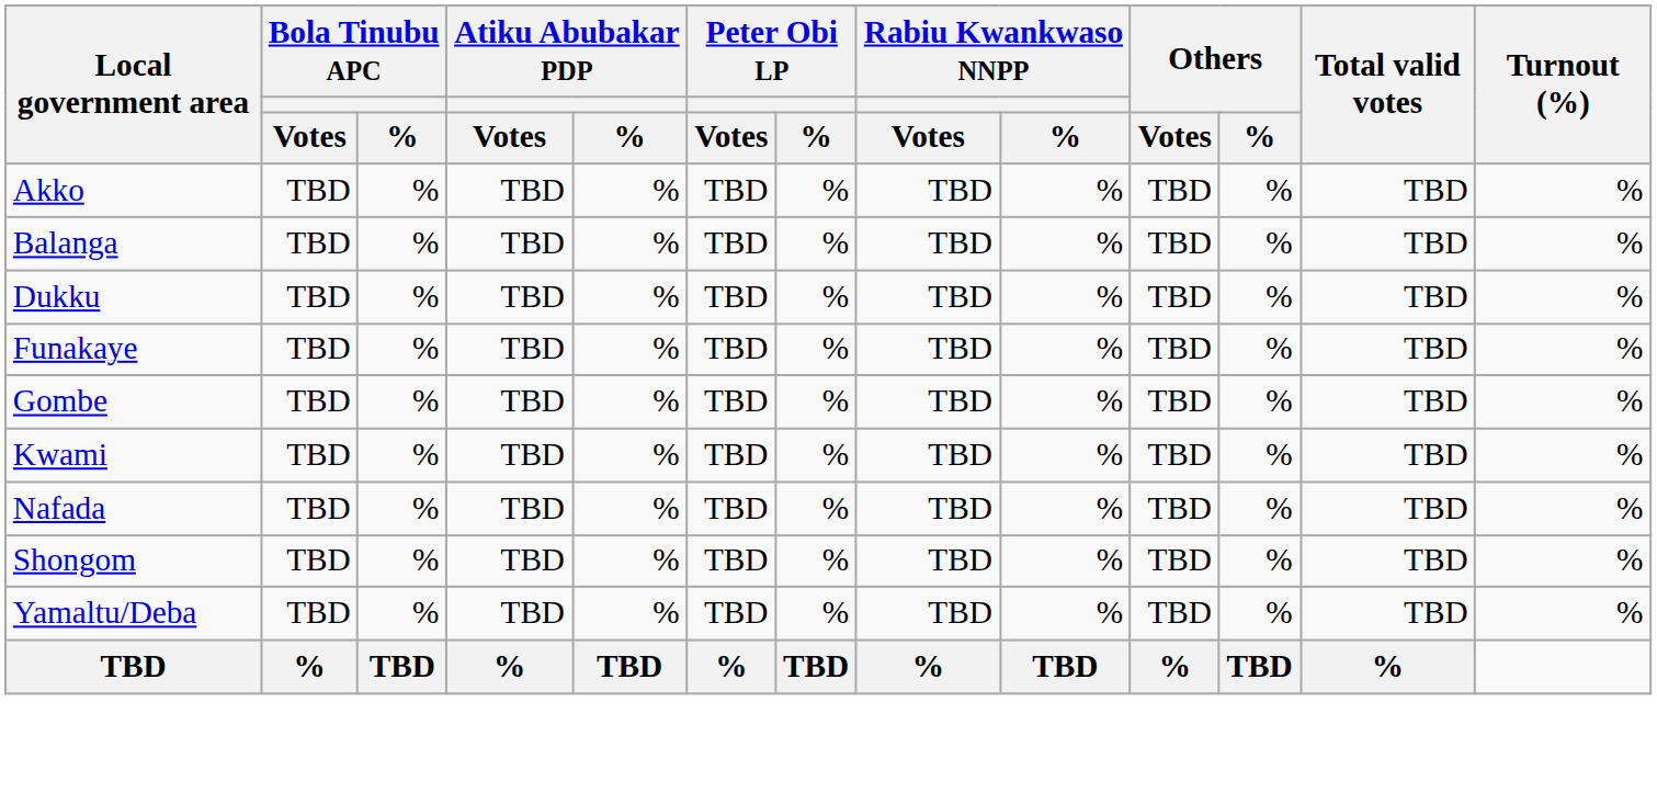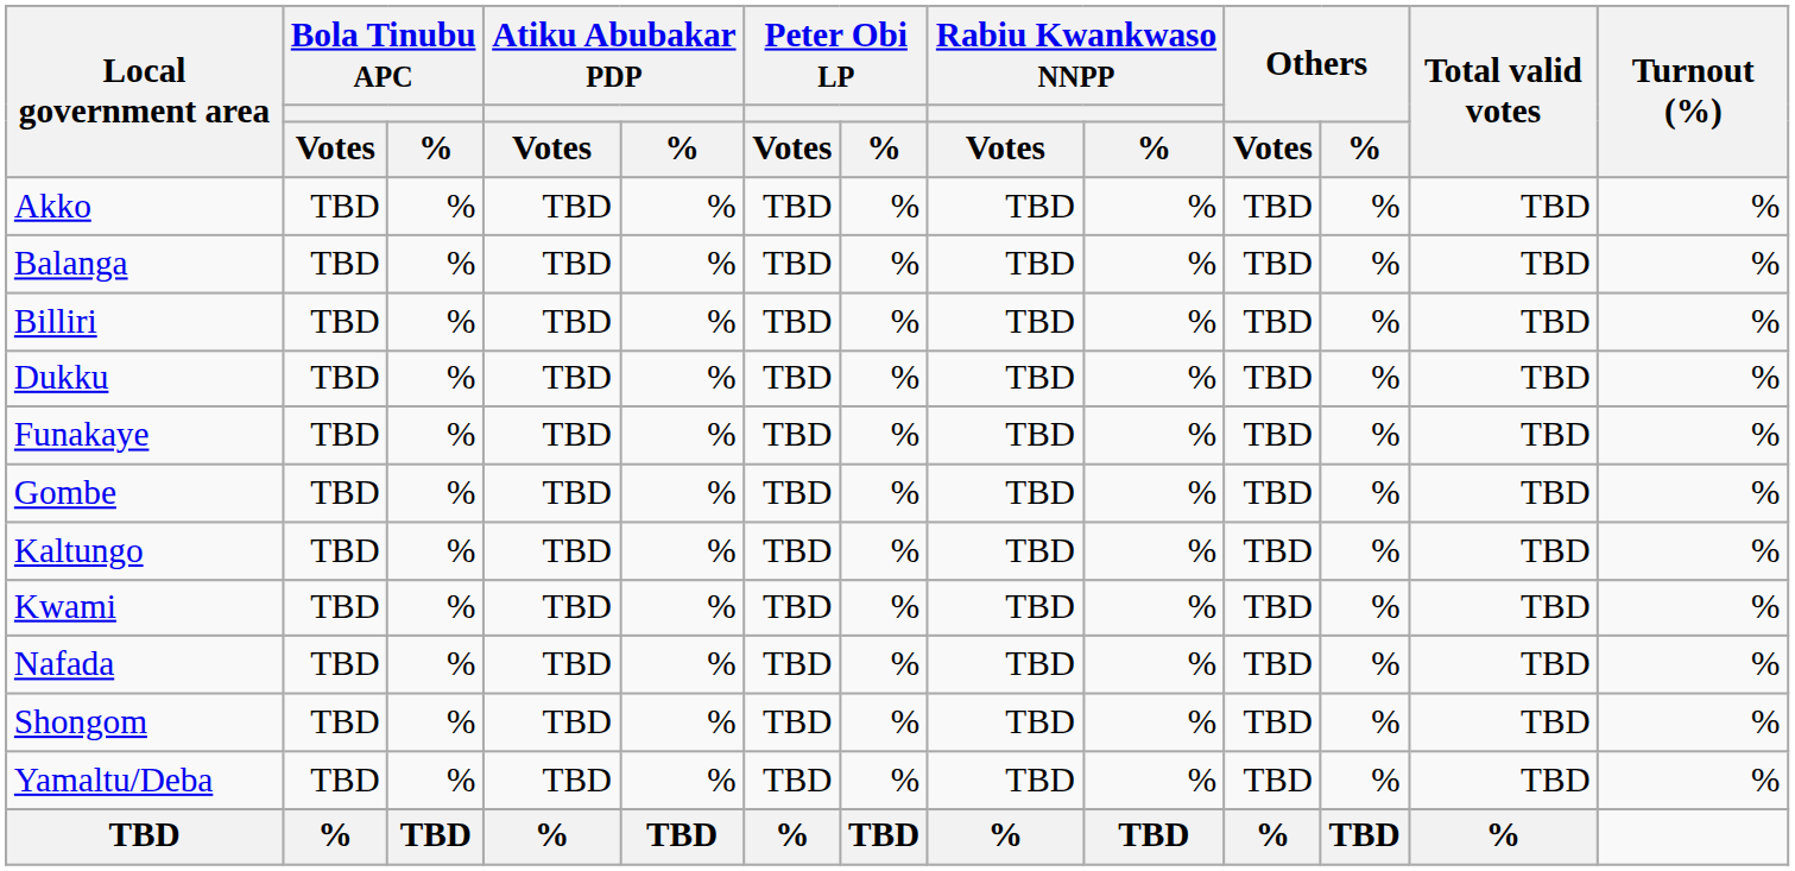 <table class="wikitable sortable" style="text-align:right; font-size:90%">
 <tr>
 <th rowspan="3" style="max-width:7.5em;">Local government area</th>
 <th colspan="2"><a href='#'>Bola Tinubu</a><br><small>APC</small></th>
 <th colspan="2"><a href='#'>Atiku Abubakar</a><br><small>PDP</small></th>
 <th colspan="2"><a href='#'>Peter Obi</a><br><small>LP</small></th>
 <th colspan="2"><a href='#'>Rabiu Kwankwaso</a><br><small>NNPP</small></th>
 <th colspan="2" rowspan="2">Others</th>
 <th rowspan="3" style="max-width:5em;">Total valid votes</th>
 <th rowspan="3" style="max-width:5em;">Turnout (%)</th>
 </tr>
 <tr>
 <th colspan=2 style="background-color:"></th>
 <th colspan=2 style="background-color:"></th>
 <th colspan=2 style="background-color:"></th>
 <th colspan=2 style="background-color:"></th>
 </tr>
 <tr>
 <th>Votes</th>
 <th>%</th>
 <th>Votes</th>
 <th>%</th>
 <th>Votes</th>
 <th>%</th>
 <th>Votes</th>
 <th>%</th>
 <th>Votes</th>
 <th>%</th>
 </tr>
 <tr style="background-color:#">
 <td style="text-align:left;"><a href='#'>Akko</a></td>
 <td>TBD</td>
 <td>%</td>
 <td>TBD</td>
 <td>%</td>
 <td>TBD</td>
 <td>%</td>
 <td>TBD</td>
 <td>%</td>
 <td>TBD</td>
 <td>%</td>
 <td>TBD</td>
 <td>%</td>
 </tr>
 <tr style="background-color:#">
 <td style="text-align:left;"><a href='#'>Balanga</a></td>
 <td>TBD</td>
 <td>%</td>
 <td>TBD</td>
 <td>%</td>
 <td>TBD</td>
 <td>%</td>
 <td>TBD</td>
 <td>%</td>
 <td>TBD</td>
 <td>%</td>
 <td>TBD</td>
 <td>%</td>
 </tr>
 <tr style="background-color:#">
+<td style="text-align:left;"><a href='#'>Billiri</a></td>
+<td>TBD</td>
+<td>%</td>
+<td>TBD</td>
+<td>%</td>
+<td>TBD</td>
+<td>%</td>
+<td>TBD</td>
+<td>%</td>
+<td>TBD</td>
+<td>%</td>
+<td>TBD</td>
+<td>%</td>
+</tr>
+<tr style="background-color:#">
 <td style="text-align:left;"><a href='#'>Dukku</a></td>
 <td>TBD</td>
 <td>%</td>
 <td>TBD</td>
 <td>%</td>
 <td>TBD</td>
 <td>%</td>
 <td>TBD</td>
 <td>%</td>
 <td>TBD</td>
 <td>%</td>
 <td>TBD</td>
 <td>%</td>
 </tr>
 <tr style="background-color:#">
 <td style="text-align:left;"><a href='#'>Funakaye</a></td>
 <td>TBD</td>
 <td>%</td>
 <td>TBD</td>
 <td>%</td>
 <td>TBD</td>
 <td>%</td>
 <td>TBD</td>
 <td>%</td>
 <td>TBD</td>
 <td>%</td>
 <td>TBD</td>
 <td>%</td>
 </tr>
 <tr style="background-color:#">
 <td style="text-align:left;"><a href='#'>Gombe</a></td>
+<td>TBD</td>
+<td>%</td>
+<td>TBD</td>
+<td>%</td>
+<td>TBD</td>
+<td>%</td>
+<td>TBD</td>
+<td>%</td>
+<td>TBD</td>
+<td>%</td>
+<td>TBD</td>
+<td>%</td>
+</tr>
+<tr style="background-color:#">
+<td style="text-align:left;"><a href='#'>Kaltungo</a></td>
 <td>TBD</td>
 <td>%</td>
 <td>TBD</td>
 <td>%</td>
 <td>TBD</td>
 <td>%</td>
 <td>TBD</td>
 <td>%</td>
 <td>TBD</td>
 <td>%</td>
 <td>TBD</td>
 <td>%</td>
 </tr>
 <tr style="background-color:#">
 <td style="text-align:left;"><a href='#'>Kwami</a></td>
 <td>TBD</td>
 <td>%</td>
 <td>TBD</td>
 <td>%</td>
 <td>TBD</td>
 <td>%</td>
 <td>TBD</td>
 <td>%</td>
 <td>TBD</td>
 <td>%</td>
 <td>TBD</td>
 <td>%</td>
 </tr>
 <tr style="background-color:#">
 <td style="text-align:left;"><a href='#'>Nafada</a></td>
 <td>TBD</td>
 <td>%</td>
 <td>TBD</td>
 <td>%</td>
 <td>TBD</td>
 <td>%</td>
 <td>TBD</td>
 <td>%</td>
 <td>TBD</td>
 <td>%</td>
 <td>TBD</td>
 <td>%</td>
 </tr>
 <tr style="background-color:#">
 <td style="text-align:left;"><a href='#'>Shongom</a></td>
 <td>TBD</td>
 <td>%</td>
 <td>TBD</td>
 <td>%</td>
 <td>TBD</td>
 <td>%</td>
 <td>TBD</td>
 <td>%</td>
 <td>TBD</td>
 <td>%</td>
 <td>TBD</td>
 <td>%</td>
 </tr>
 <tr style="background-color:#">
 <td style="text-align:left;"><a href='#'>Yamaltu/Deba</a></td>
 <td>TBD</td>
 <td>%</td>
 <td>TBD</td>
 <td>%</td>
 <td>TBD</td>
 <td>%</td>
 <td>TBD</td>
 <td>%</td>
 <td>TBD</td>
 <td>%</td>
 <td>TBD</td>
 <td>%</td>
 </tr>
 <tr>
 <th>TBD</th>
 <th>%</th>
 <th>TBD</th>
 <th>%</th>
 <th>TBD</th>
 <th>%</th>
 <th>TBD</th>
 <th>%</th>
 <th>TBD</th>
 <th>%</th>
 <th>TBD</th>
 <th>%</th>
 </tr>
 </table>
